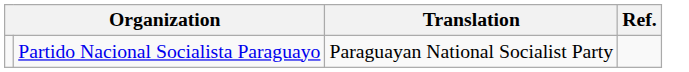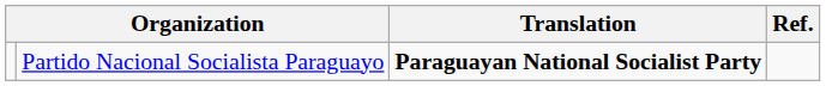 <table class="wikitable">
 <tr>
 <th colspan="2">Organization</th>
 <th>Translation</th>
 <th>Ref.</th>
 </tr>
 <tr>
 <td></td>
 <td><a href='#'>Partido Nacional Socialista Paraguayo</a></td>
-<td>Paraguayan National Socialist Party</td>
+<td><strong>Paraguayan National Socialist Party</strong></td>
 <td></td>
 </tr>
 </table>
